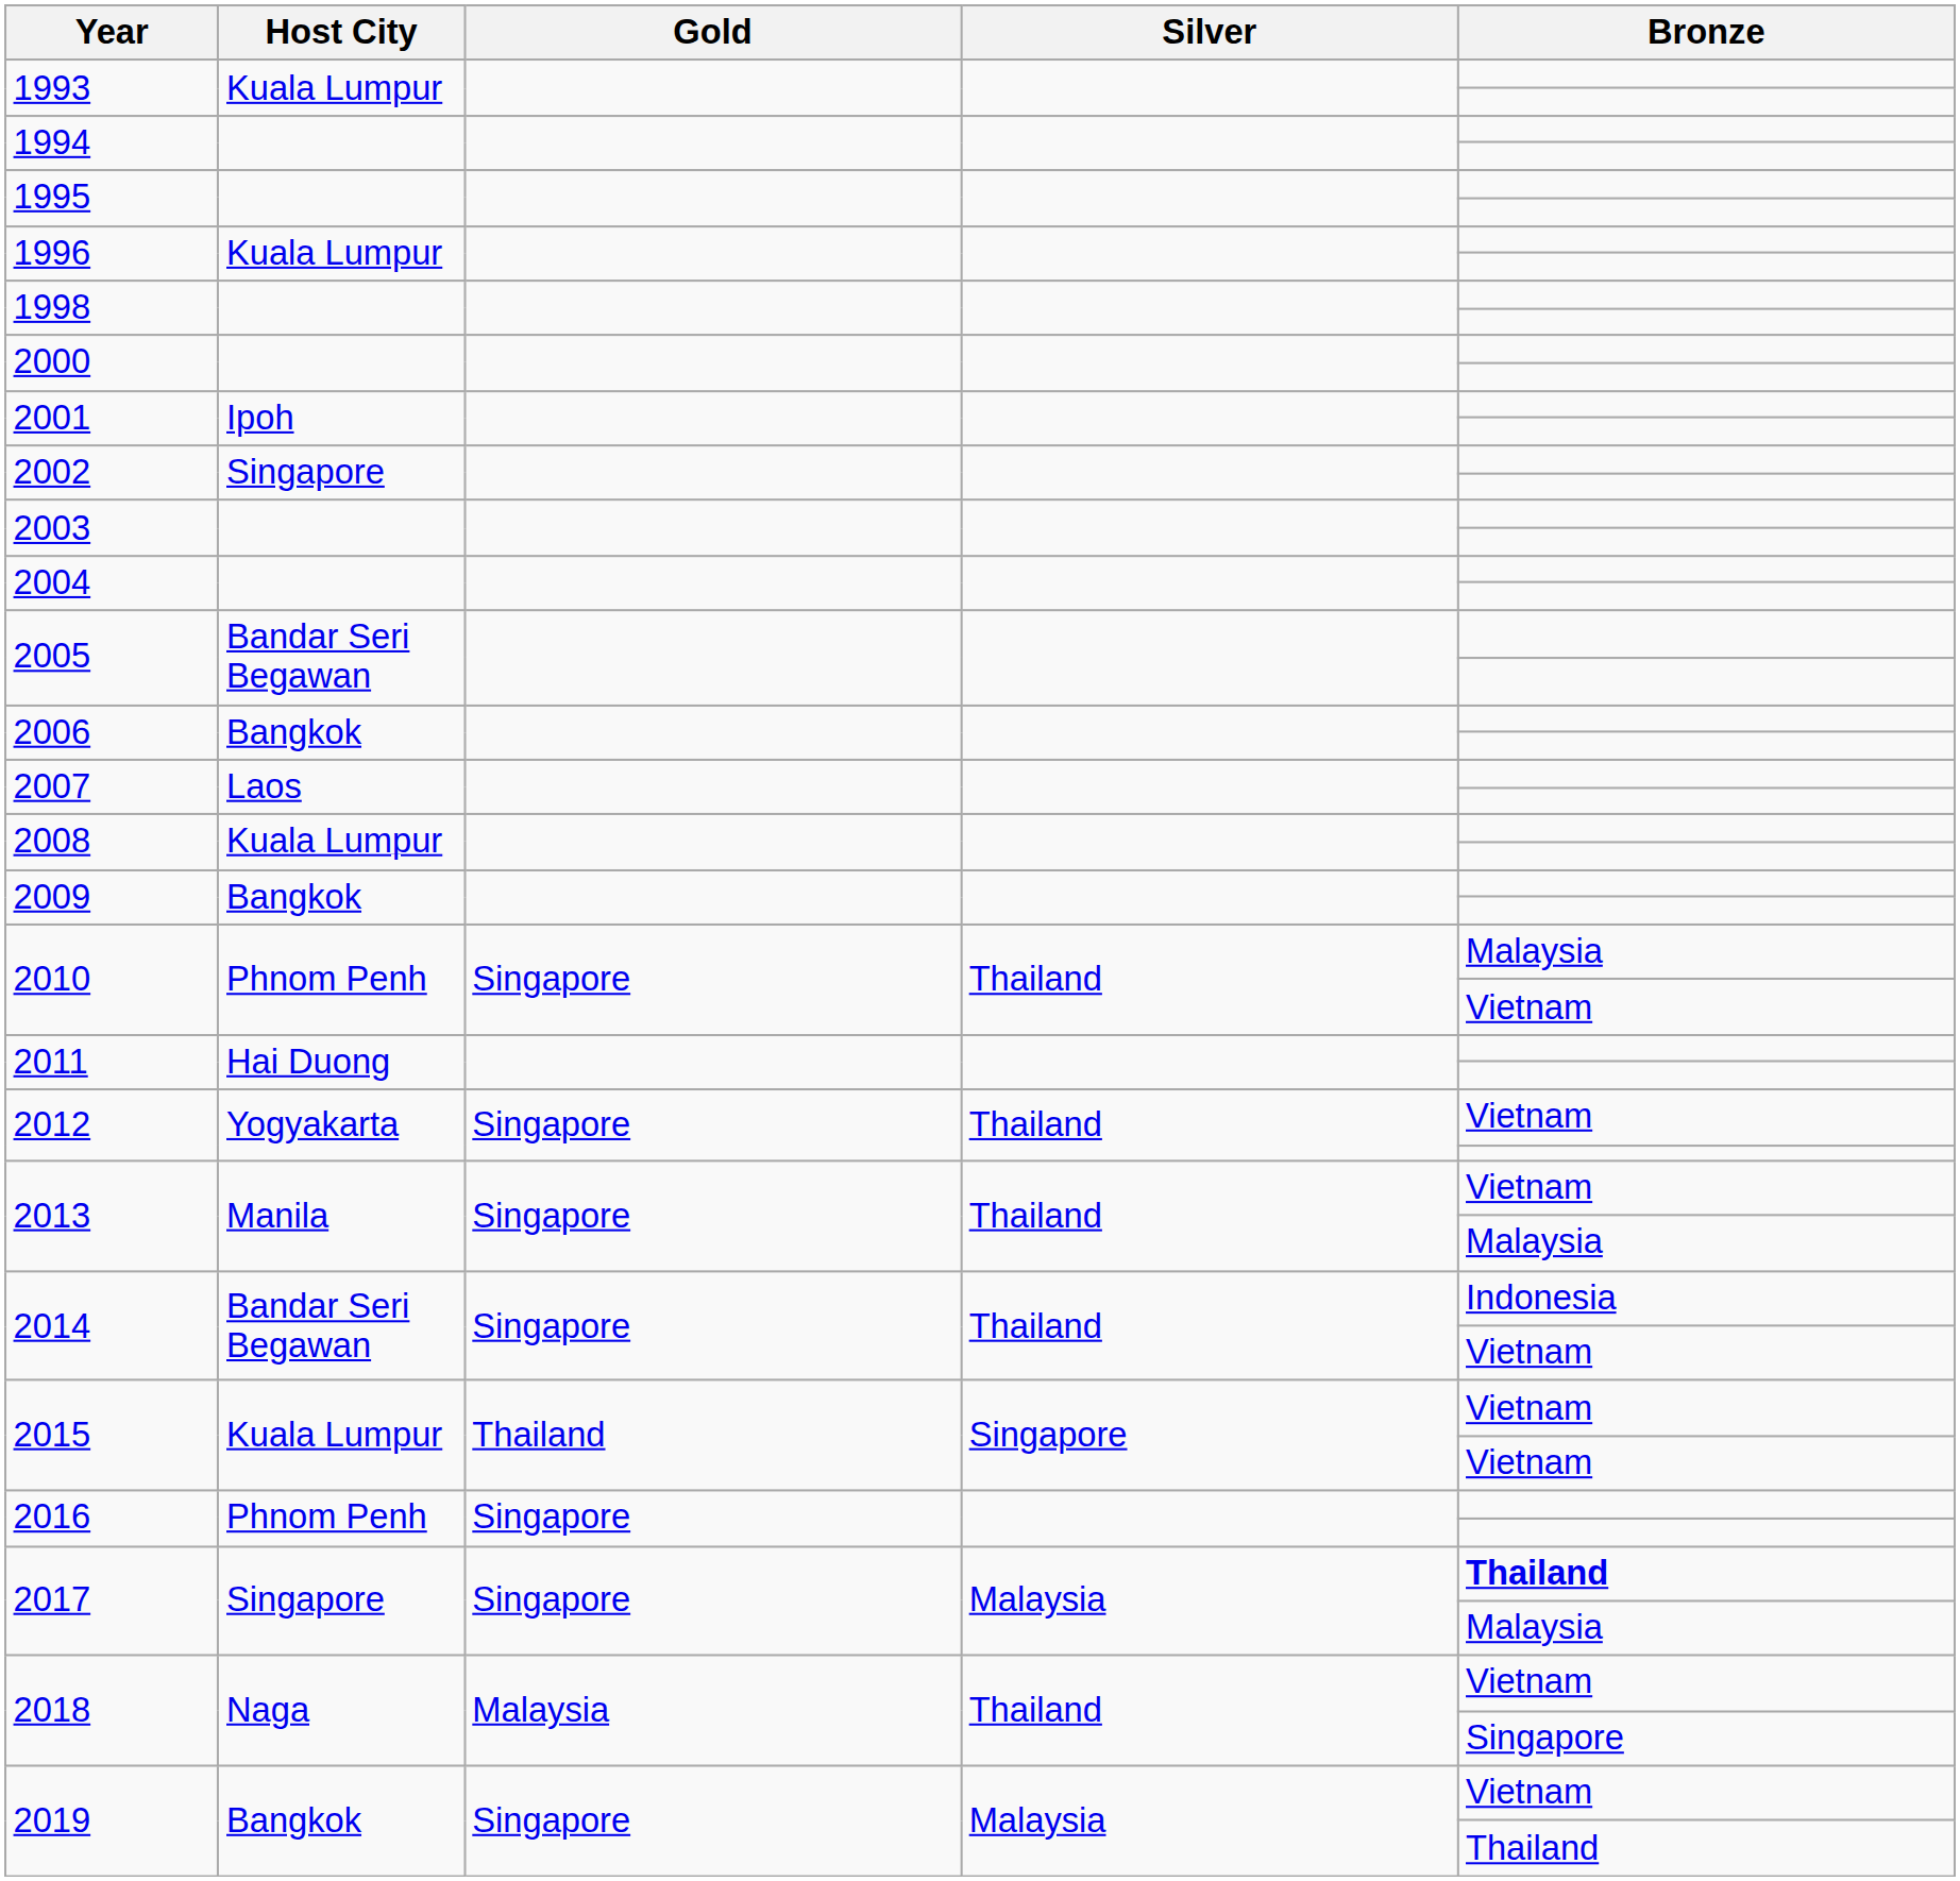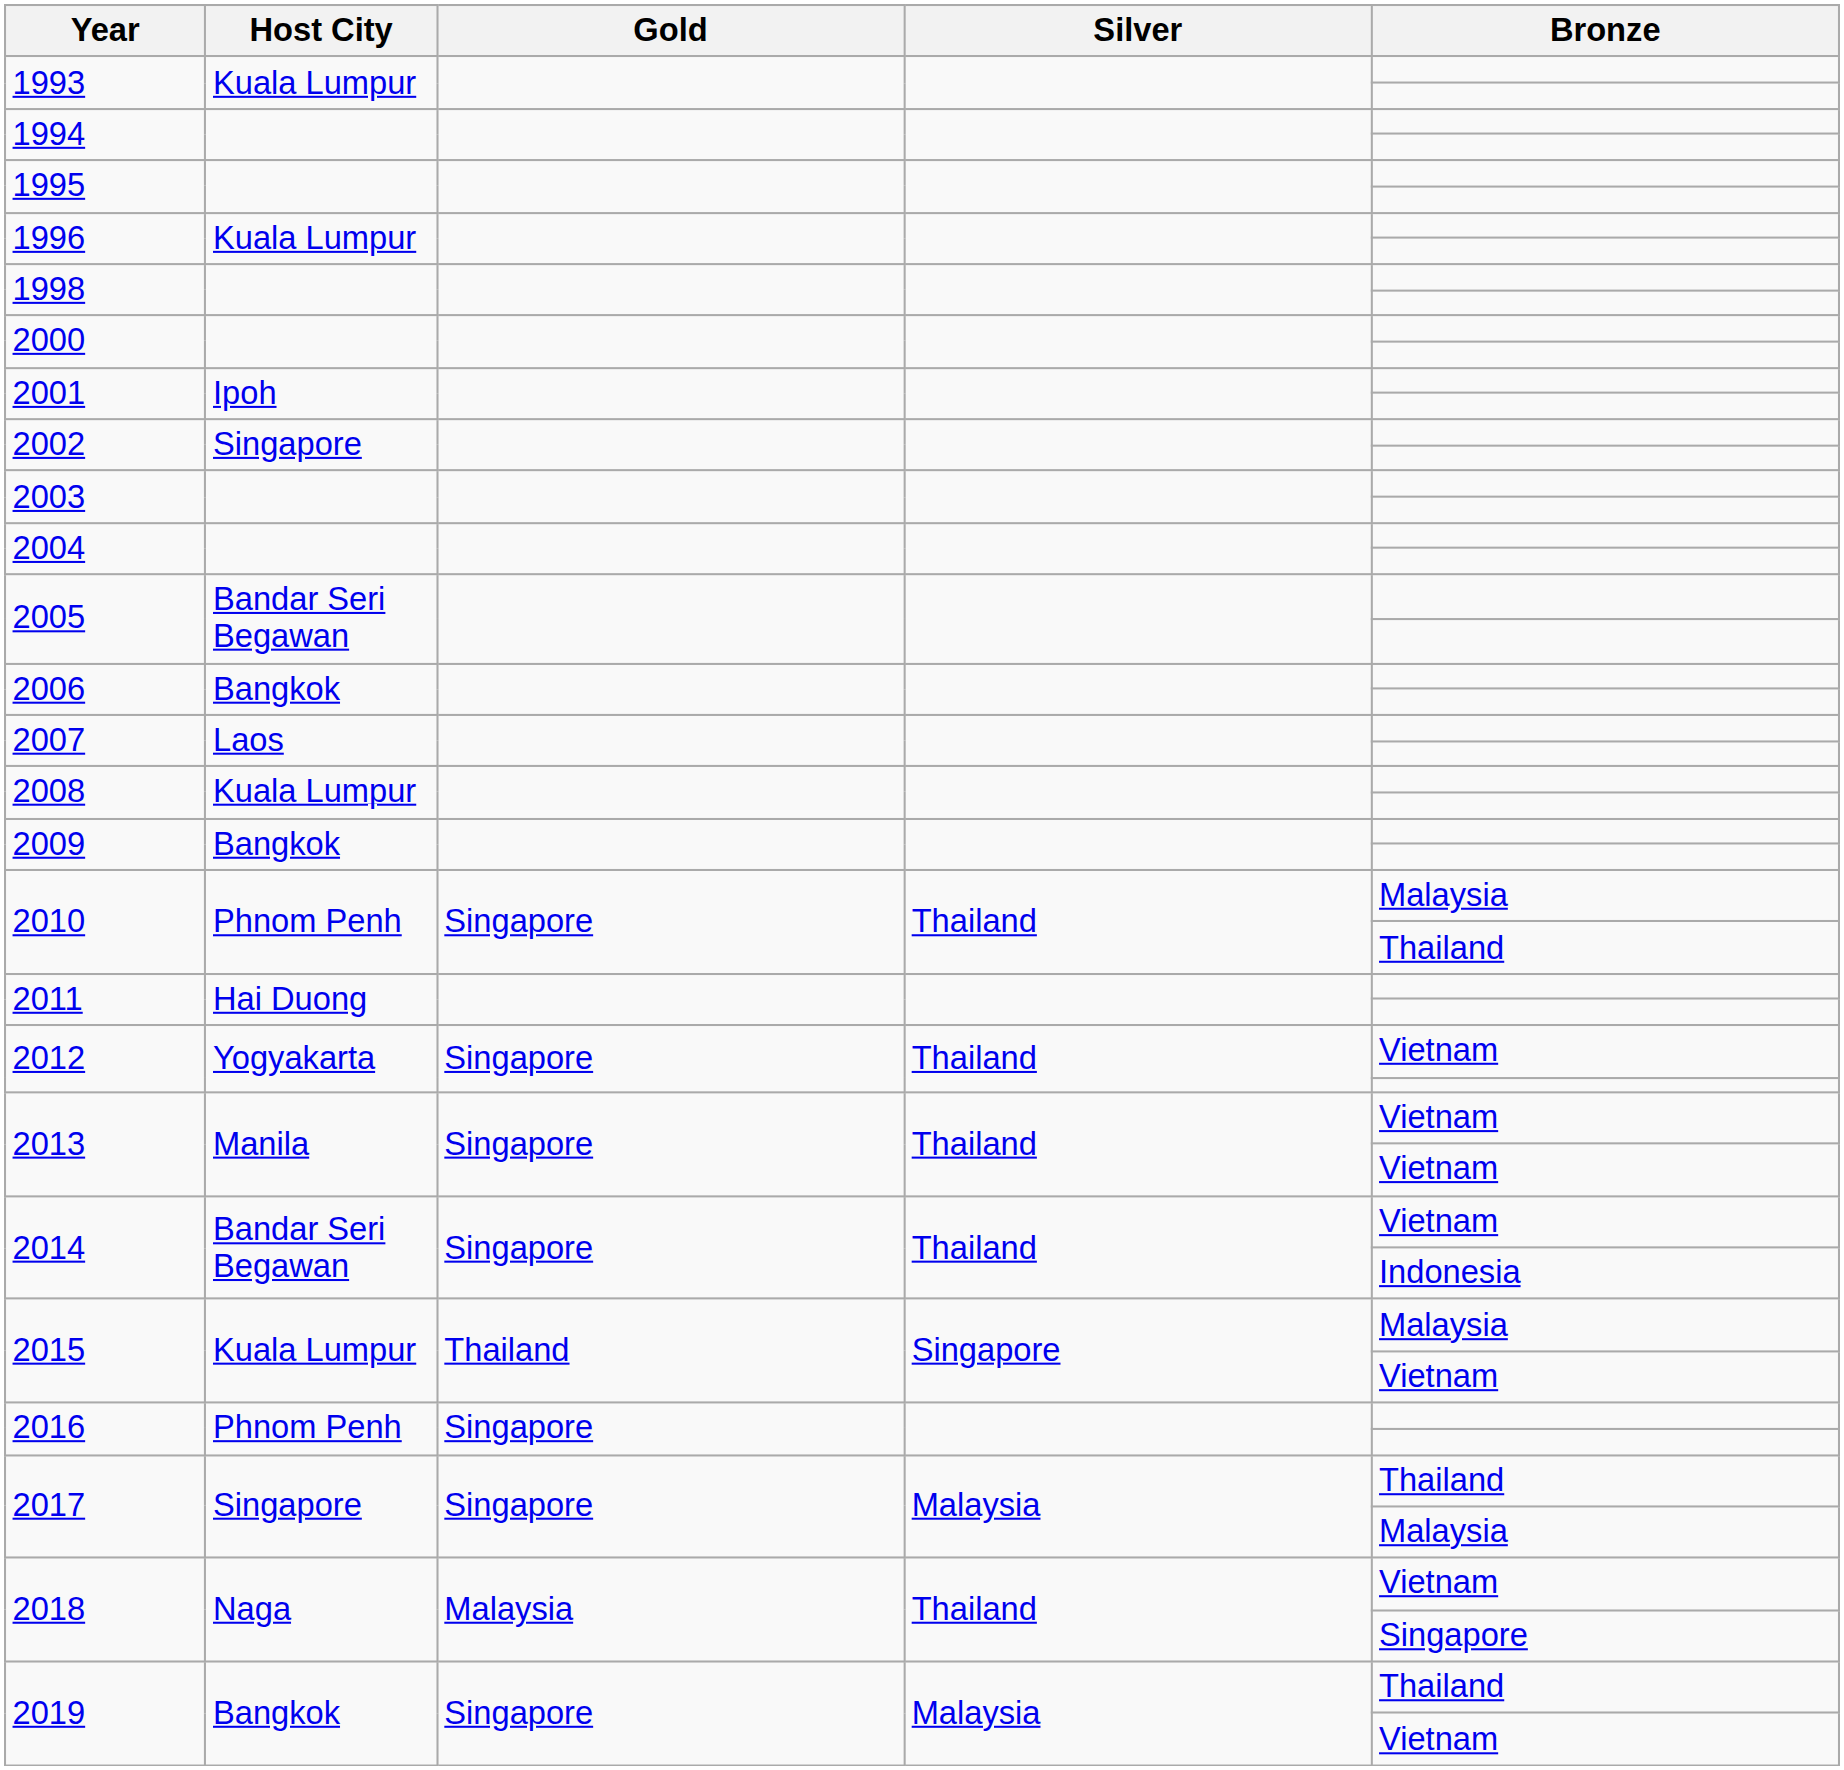 <table class="wikitable sortable" style="width:900px;">
 <tr>
 <th width="120">Year</th>
 <th width="120">Host City</th>
 <th width="300">Gold</th>
 <th width="300">Silver</th>
 <th width="300">Bronze</th>
 </tr>
 <tr>
 <td rowspan=2><a href='#'>1993</a></td>
 <td rowspan=2><a href='#'>Kuala Lumpur</a></td>
 <td rowspan=2></td>
 <td rowspan=2></td>
 <td></td>
 </tr>
 <tr>
 <td></td>
 </tr>
 <tr>
 <td rowspan=2><a href='#'>1994</a></td>
 <td rowspan=2></td>
 <td rowspan=2></td>
 <td rowspan=2></td>
 <td></td>
 </tr>
 <tr>
 <td></td>
 </tr>
 <tr>
 <td rowspan=2><a href='#'>1995</a></td>
 <td rowspan=2></td>
 <td rowspan=2></td>
 <td rowspan=2></td>
 <td></td>
 </tr>
 <tr>
 <td></td>
 </tr>
 <tr>
 <td rowspan=2><a href='#'>1996</a></td>
 <td rowspan=2><a href='#'>Kuala Lumpur</a></td>
 <td rowspan=2></td>
 <td rowspan=2></td>
 <td></td>
 </tr>
 <tr>
 <td></td>
 </tr>
 <tr>
 <td rowspan=2><a href='#'>1998</a></td>
 <td rowspan=2></td>
 <td rowspan=2></td>
 <td rowspan=2></td>
 <td></td>
 </tr>
 <tr>
 <td></td>
 </tr>
 <tr>
 <td rowspan=2><a href='#'>2000</a></td>
 <td rowspan=2></td>
 <td rowspan=2></td>
 <td rowspan=2></td>
 <td></td>
 </tr>
 <tr>
 <td></td>
 </tr>
 <tr>
 <td rowspan=2><a href='#'>2001</a></td>
 <td rowspan=2><a href='#'>Ipoh</a></td>
 <td rowspan=2></td>
 <td rowspan=2></td>
 <td></td>
 </tr>
 <tr>
 <td></td>
 </tr>
 <tr>
 <td rowspan=2><a href='#'>2002</a></td>
 <td rowspan=2><a href='#'>Singapore</a></td>
 <td rowspan=2></td>
 <td rowspan=2></td>
 <td></td>
 </tr>
 <tr>
 <td></td>
 </tr>
 <tr>
 <td rowspan=2><a href='#'>2003</a></td>
 <td rowspan=2></td>
 <td rowspan=2></td>
 <td rowspan=2></td>
 <td></td>
 </tr>
 <tr>
 <td></td>
 </tr>
 <tr>
 <td rowspan=2><a href='#'>2004</a></td>
 <td rowspan=2></td>
 <td rowspan=2></td>
 <td rowspan=2></td>
 <td></td>
 </tr>
 <tr>
 <td></td>
 </tr>
 <tr>
 <td rowspan=2><a href='#'>2005</a></td>
 <td rowspan=2><a href='#'>Bandar Seri Begawan</a></td>
 <td rowspan=2></td>
 <td rowspan=2></td>
 <td></td>
 </tr>
 <tr>
 <td></td>
 </tr>
 <tr>
 <td rowspan=2><a href='#'>2006</a></td>
 <td rowspan=2><a href='#'>Bangkok</a></td>
 <td rowspan=2></td>
 <td rowspan=2></td>
 <td></td>
 </tr>
 <tr>
 <td></td>
 </tr>
 <tr>
 <td rowspan=2><a href='#'>2007</a></td>
 <td rowspan=2><a href='#'>Laos</a></td>
 <td rowspan=2></td>
 <td rowspan=2></td>
 <td></td>
 </tr>
 <tr>
 <td></td>
 </tr>
 <tr>
 <td rowspan=2><a href='#'>2008</a></td>
 <td rowspan=2><a href='#'>Kuala Lumpur</a></td>
 <td rowspan=2></td>
 <td rowspan=2></td>
 <td></td>
 </tr>
 <tr>
 <td></td>
 </tr>
 <tr>
 <td rowspan=2><a href='#'>2009</a></td>
 <td rowspan=2><a href='#'>Bangkok</a></td>
 <td rowspan=2></td>
 <td rowspan=2></td>
 <td></td>
 </tr>
 <tr>
 <td></td>
 </tr>
 <tr>
 <td rowspan=2><a href='#'>2010</a></td>
 <td rowspan=2><a href='#'>Phnom Penh</a></td>
 <td rowspan=2> <a href='#'>Singapore</a></td>
 <td rowspan=2> <a href='#'>Thailand</a></td>
 <td> <a href='#'>Malaysia</a></td>
 </tr>
 <tr>
-<td> <a href='#'>Vietnam</a></td>
+<td> <a href='#'>Thailand</a></td>
 </tr>
 <tr>
 <td rowspan=2><a href='#'>2011</a></td>
 <td rowspan=2><a href='#'>Hai Duong</a></td>
 <td rowspan=2></td>
 <td rowspan=2></td>
 <td></td>
 </tr>
 <tr>
 <td></td>
 </tr>
 <tr>
 <td rowspan=2><a href='#'>2012</a></td>
 <td rowspan=2><a href='#'>Yogyakarta</a></td>
 <td rowspan=2> <a href='#'>Singapore</a></td>
 <td rowspan=2> <a href='#'>Thailand</a></td>
 <td> <a href='#'>Vietnam</a></td>
 </tr>
 <tr>
 <td></td>
 </tr>
 <tr>
 <td rowspan=2><a href='#'>2013</a></td>
 <td rowspan=2><a href='#'>Manila</a></td>
 <td rowspan=2> <a href='#'>Singapore</a></td>
 <td rowspan=2> <a href='#'>Thailand</a></td>
 <td> <a href='#'>Vietnam</a></td>
 </tr>
 <tr>
-<td> <a href='#'>Malaysia</a></td>
+<td> <a href='#'>Vietnam</a></td>
 </tr>
 <tr>
 <td rowspan=2><a href='#'>2014</a></td>
 <td rowspan=2><a href='#'>Bandar Seri Begawan</a></td>
 <td rowspan=2> <a href='#'>Singapore</a></td>
 <td rowspan=2> <a href='#'>Thailand</a></td>
-<td> <a href='#'>Indonesia</a></td>
+<td> <a href='#'>Vietnam</a></td>
 </tr>
 <tr>
-<td> <a href='#'>Vietnam</a></td>
+<td> <a href='#'>Indonesia</a></td>
 </tr>
 <tr>
 <td rowspan=2><a href='#'>2015</a></td>
 <td rowspan=2><a href='#'>Kuala Lumpur</a></td>
 <td rowspan=2> <a href='#'>Thailand</a></td>
 <td rowspan=2> <a href='#'>Singapore</a></td>
-<td> <a href='#'>Vietnam</a></td>
+<td> <a href='#'>Malaysia</a></td>
 </tr>
 <tr>
 <td> <a href='#'>Vietnam</a></td>
 </tr>
 <tr>
 <td rowspan=2><a href='#'>2016</a></td>
 <td rowspan=2><a href='#'>Phnom Penh</a></td>
 <td rowspan=2> <a href='#'>Singapore</a></td>
 <td rowspan=2></td>
 <td></td>
 </tr>
 <tr>
 <td></td>
 </tr>
 <tr>
 <td rowspan=2><a href='#'>2017</a></td>
 <td rowspan=2><a href='#'>Singapore</a></td>
 <td rowspan=2> <a href='#'>Singapore</a></td>
 <td rowspan=2> <a href='#'>Malaysia</a></td>
-<td><strong> <a href='#'>Thailand</a></strong></td>
+<td> <a href='#'>Thailand</a></td>
 </tr>
 <tr>
 <td> <a href='#'>Malaysia</a></td>
 </tr>
 <tr>
 <td rowspan=2><a href='#'>2018</a></td>
 <td rowspan=2><a href='#'>Naga</a></td>
 <td rowspan=2> <a href='#'>Malaysia</a></td>
 <td rowspan=2> <a href='#'>Thailand</a></td>
 <td> <a href='#'>Vietnam</a></td>
 </tr>
 <tr>
 <td> <a href='#'>Singapore</a></td>
 </tr>
 <tr>
 <td rowspan=2><a href='#'>2019</a></td>
 <td rowspan=2><a href='#'>Bangkok</a></td>
 <td rowspan=2> <a href='#'>Singapore</a></td>
 <td rowspan=2> <a href='#'>Malaysia</a></td>
+<td> <a href='#'>Thailand</a></td>
+</tr>
+<tr>
 <td> <a href='#'>Vietnam</a></td>
 </tr>
-<tr>
-<td> <a href='#'>Thailand</a></td>
-</tr>
 </table>
